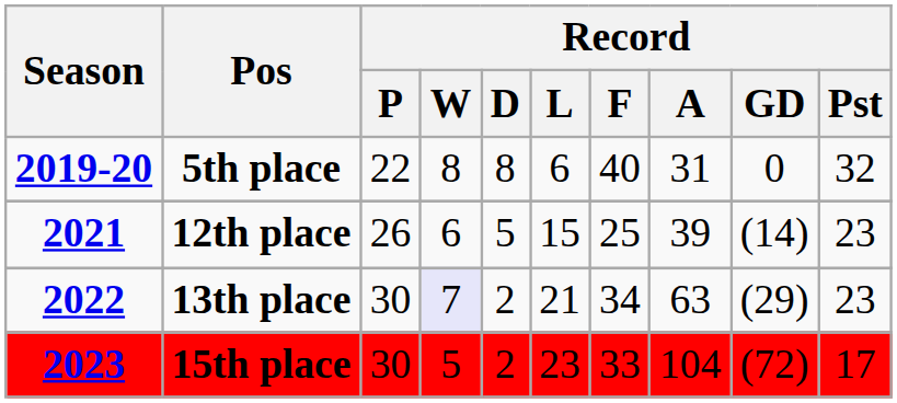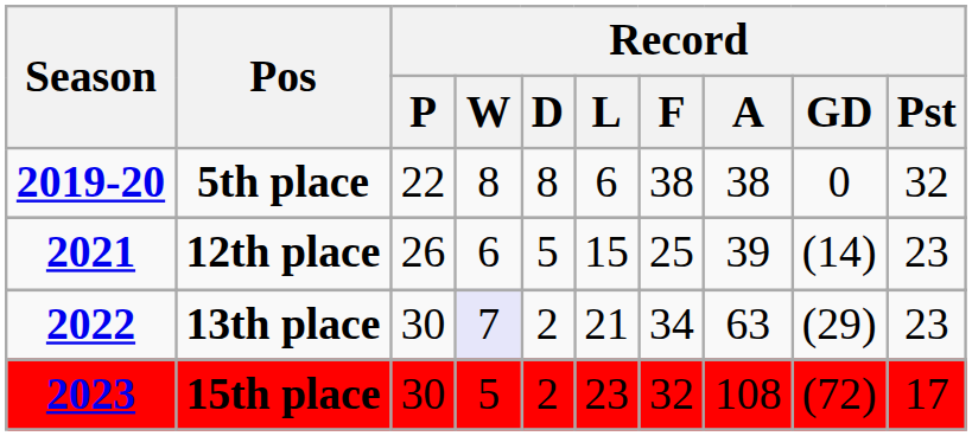 <table Class="wikitable" style="text-align: center;">
 <tr>
 <th rowspan="2">Season</th>
 <th rowspan="2">Pos</th>
 <th colspan="9">Record</th>
 </tr>
 <tr>
 <th>P</th>
 <th>W</th>
 <th>D</th>
 <th>L</th>
 <th>F</th>
 <th>A</th>
 <th>GD</th>
 <th>Pst</th>
 </tr>
 <tr style=>
 <td><strong><a href='#'>2019-20</a></strong></td>
 <td><strong>5th place</strong></td>
 <td>22</td>
 <td>8</td>
 <td>8</td>
 <td>6</td>
-<td>40</td>
-<td>31</td>
+<td>38</td>
+<td>38</td>
 <td>0</td>
 <td>32</td>
 </tr>
 <tr>
 </tr>
 <tr style="background:;">
 <td><strong><a href='#'>2021</a></strong></td>
 <td><strong>12th place</strong></td>
 <td>26</td>
 <td>6</td>
 <td>5</td>
 <td>15</td>
 <td>25</td>
 <td>39</td>
 <td>(14)</td>
 <td>23</td>
 </tr>
 <tr>
 </tr>
 <tr>
 <td><strong><a href='#'>2022</a></strong></td>
 <td><strong>13th place</strong></td>
 <td>30</td>
 <td style="background: lavender;">7</td>
 <td>2</td>
 <td>21</td>
 <td>34</td>
 <td>63</td>
 <td>(29)</td>
 <td>23</td>
 </tr>
 <tr>
 </tr>
 <tr style="background: red">
 <td><strong><a href='#'>2023</a></strong></td>
 <td><strong>15th place</strong></td>
 <td>30</td>
 <td>5</td>
 <td>2</td>
 <td>23</td>
-<td>33</td>
-<td>104</td>
+<td>32</td>
+<td>108</td>
 <td>(72)</td>
 <td>17</td>
 </tr>
 </table>
